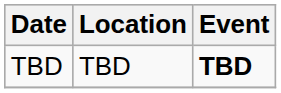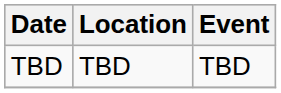 <table class="wikitable">
 <tr>
 <th>Date</th>
 <th>Location</th>
 <th>Event</th>
 </tr>
 <tr>
 <td>TBD</td>
 <td>TBD</td>
-<td><strong>TBD</strong></td>
+<td>TBD</td>
 </tr>
 <tr>
 </tr>
 </table>
